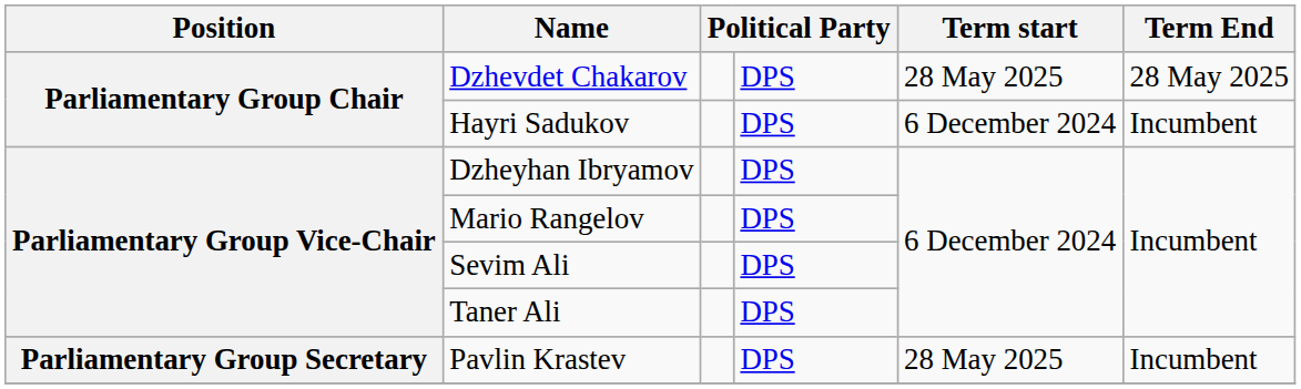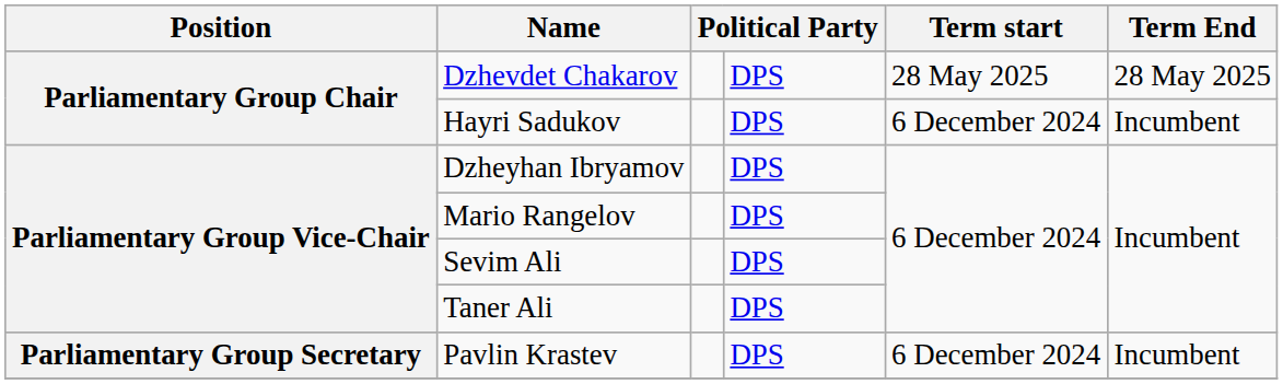 <table class="wikitable plainrowheaders">
 <tr>
 <th>Position</th>
 <th>Name</th>
 <th colspan="2">Political Party</th>
 <th>Term start</th>
 <th>Term End</th>
 </tr>
 <tr>
 <th rowspan ="2">Parliamentary Group Chair</th>
 <td><a href='#'>Dzhevdet Chakarov</a></td>
 <td style="background:"></td>
 <td><a href='#'>DPS</a></td>
 <td>28 May 2025</td>
 <td>28 May 2025</td>
 </tr>
 <tr>
 <td>Hayri Sadukov</td>
 <td style="background:"></td>
 <td><a href='#'>DPS</a></td>
 <td>6 December 2024</td>
 <td>Incumbent</td>
 </tr>
 <tr>
 <th rowspan ="4">Parliamentary Group Vice-Chair</th>
 <td>Dzheyhan Ibryamov</td>
 <td style="background:"></td>
 <td><a href='#'>DPS</a></td>
 <td rowspan ="4">6 December 2024</td>
 <td rowspan ="4">Incumbent</td>
 </tr>
 <tr>
 <td>Mario Rangelov</td>
 <td style="background:"></td>
 <td><a href='#'>DPS</a></td>
 </tr>
 <tr>
 <td>Sevim Ali</td>
 <td style="background:"></td>
 <td><a href='#'>DPS</a></td>
 </tr>
 <tr>
 <td>Taner Ali</td>
 <td style="background:"></td>
 <td><a href='#'>DPS</a></td>
 </tr>
 <tr>
 <th>Parliamentary Group Secretary</th>
 <td>Pavlin Krastev</td>
 <td style="background:"></td>
 <td><a href='#'>DPS</a></td>
-<td>28 May 2025</td>
+<td>6 December 2024</td>
 <td>Incumbent</td>
 </tr>
 <tr>
 </tr>
 </table>
